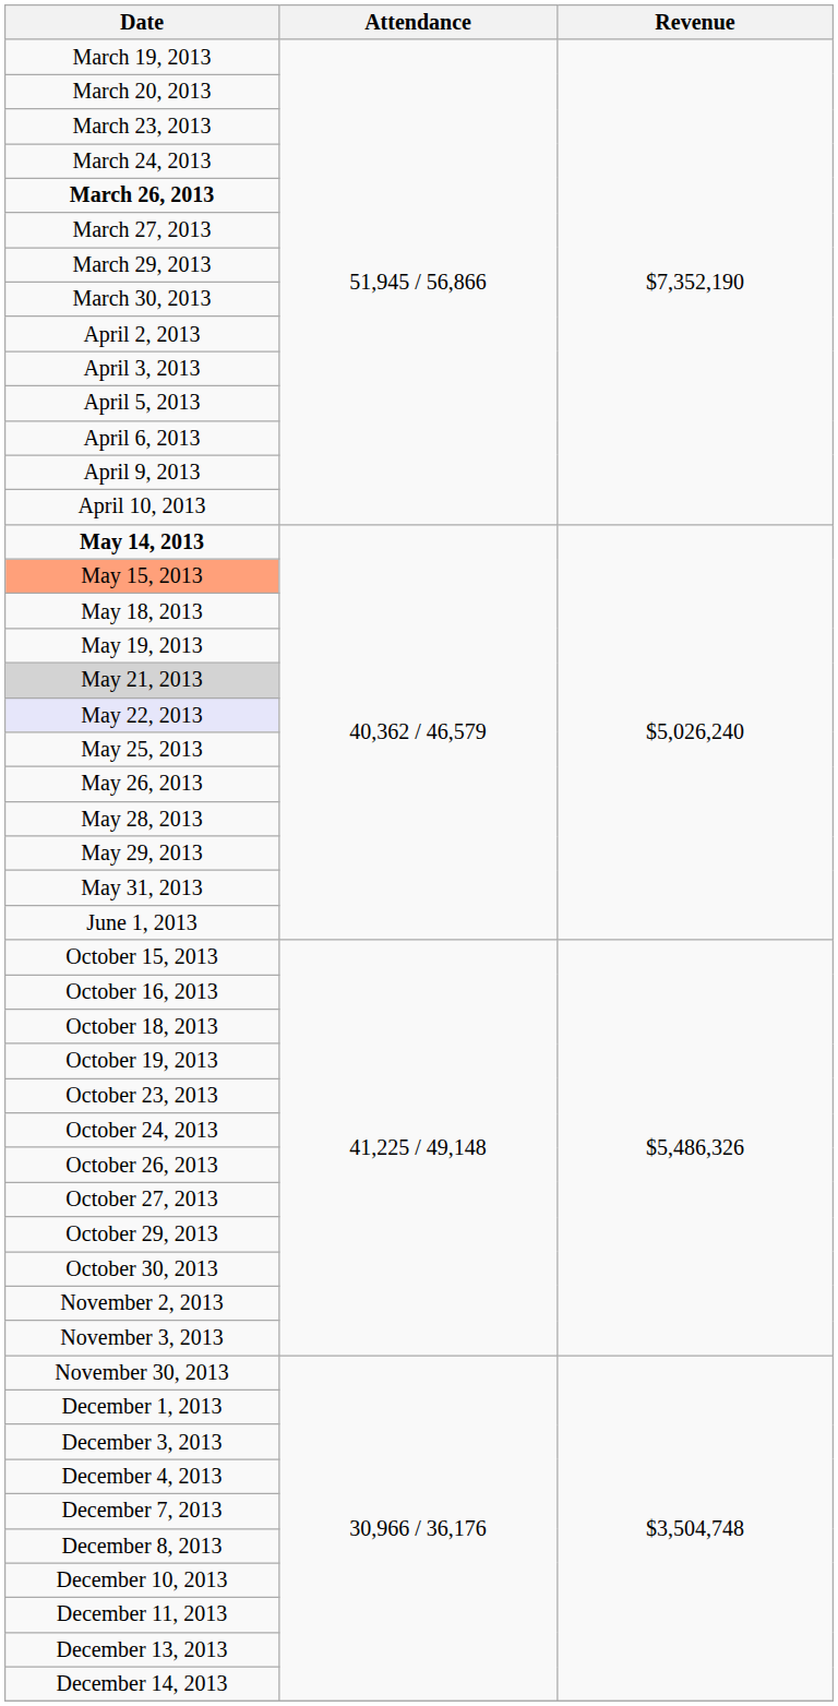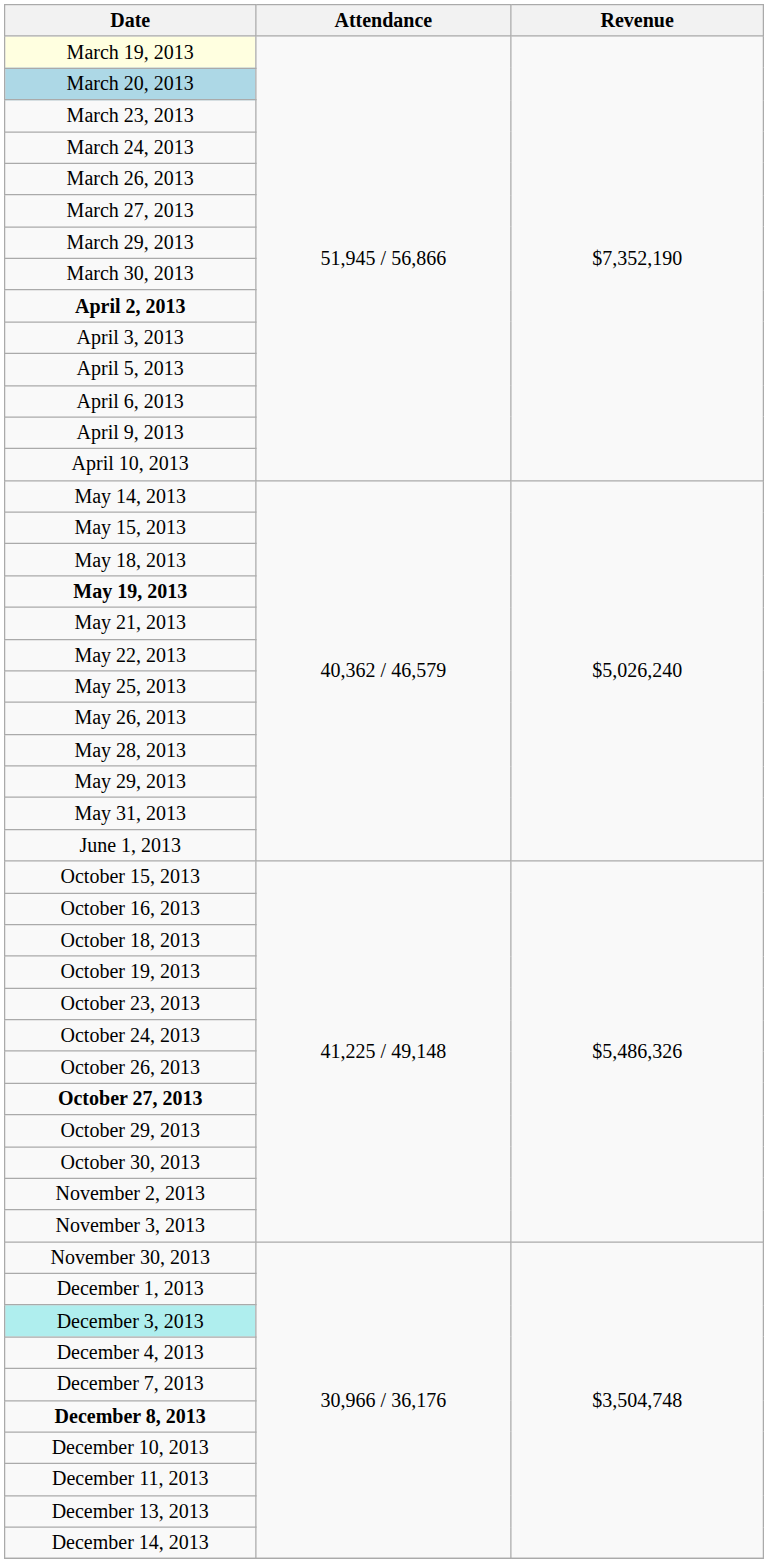 <table class="wikitable plainrowheaders" style="text-align:center;">
 <tr>
 <th scope="col" style="width:16em;">Date</th>
 <th scope="col" style="width:16em;">Attendance</th>
 <th scope="col" style="width:16em;">Revenue</th>
 </tr>
 <tr>
-<td>March 19, 2013</td>
+<td style="background: lightyellow;">March 19, 2013</td>
 <td rowspan="14">51,945 / 56,866</td>
 <td rowspan="14">$7,352,190</td>
 </tr>
 <tr>
-<td>March 20, 2013</td>
+<td style="background: lightblue;">March 20, 2013</td>
 </tr>
 <tr>
 <td>March 23, 2013</td>
 </tr>
 <tr>
 <td>March 24, 2013</td>
 </tr>
 <tr>
-<td><strong>March 26, 2013</strong></td>
+<td>March 26, 2013</td>
 </tr>
 <tr>
 <td>March 27, 2013</td>
 </tr>
 <tr>
 <td>March 29, 2013</td>
 </tr>
 <tr>
 <td>March 30, 2013</td>
 </tr>
 <tr>
-<td>April 2, 2013</td>
+<td><strong>April 2, 2013</strong></td>
 </tr>
 <tr>
 <td>April 3, 2013</td>
 </tr>
 <tr>
 <td>April 5, 2013</td>
 </tr>
 <tr>
 <td>April 6, 2013</td>
 </tr>
 <tr>
 <td>April 9, 2013</td>
 </tr>
 <tr>
 <td>April 10, 2013</td>
 </tr>
 <tr>
-<td><strong>May 14, 2013</strong></td>
+<td>May 14, 2013</td>
 <td rowspan="12">40,362 / 46,579</td>
 <td rowspan="12">$5,026,240</td>
 </tr>
 <tr>
-<td style="background: lightsalmon;">May 15, 2013</td>
+<td>May 15, 2013</td>
 </tr>
 <tr>
 <td>May 18, 2013</td>
 </tr>
 <tr>
-<td>May 19, 2013</td>
+<td><strong>May 19, 2013</strong></td>
 </tr>
 <tr>
-<td style="background: lightgrey;">May 21, 2013</td>
+<td>May 21, 2013</td>
 </tr>
 <tr>
-<td style="background: lavender;">May 22, 2013</td>
+<td>May 22, 2013</td>
 </tr>
 <tr>
 <td>May 25, 2013</td>
 </tr>
 <tr>
 <td>May 26, 2013</td>
 </tr>
 <tr>
 <td>May 28, 2013</td>
 </tr>
 <tr>
 <td>May 29, 2013</td>
 </tr>
 <tr>
 <td>May 31, 2013</td>
 </tr>
 <tr>
 <td>June 1, 2013</td>
 </tr>
 <tr>
 <td>October 15, 2013</td>
 <td rowspan="12">41,225 / 49,148</td>
 <td rowspan="12">$5,486,326</td>
 </tr>
 <tr>
 <td>October 16, 2013</td>
 </tr>
 <tr>
 <td>October 18, 2013</td>
 </tr>
 <tr>
 <td>October 19, 2013</td>
 </tr>
 <tr>
 <td>October 23, 2013</td>
 </tr>
 <tr>
 <td>October 24, 2013</td>
 </tr>
 <tr>
 <td>October 26, 2013</td>
 </tr>
 <tr>
-<td>October 27, 2013</td>
+<td><strong>October 27, 2013</strong></td>
 </tr>
 <tr>
 <td>October 29, 2013</td>
 </tr>
 <tr>
 <td>October 30, 2013</td>
 </tr>
 <tr>
 <td>November 2, 2013</td>
 </tr>
 <tr>
 <td>November 3, 2013</td>
 </tr>
 <tr>
 <td>November 30, 2013</td>
 <td rowspan="10">30,966 / 36,176</td>
 <td rowspan="10">$3,504,748</td>
 </tr>
 <tr>
 <td>December 1, 2013</td>
 </tr>
 <tr>
-<td>December 3, 2013</td>
+<td style="background: paleturquoise;">December 3, 2013</td>
 </tr>
 <tr>
 <td>December 4, 2013</td>
 </tr>
 <tr>
 <td>December 7, 2013</td>
 </tr>
 <tr>
-<td>December 8, 2013</td>
+<td><strong>December 8, 2013</strong></td>
 </tr>
 <tr>
 <td>December 10, 2013</td>
 </tr>
 <tr>
 <td>December 11, 2013</td>
 </tr>
 <tr>
 <td>December 13, 2013</td>
 </tr>
 <tr>
 <td>December 14, 2013</td>
 </tr>
 <tr>
 </tr>
 </table>
